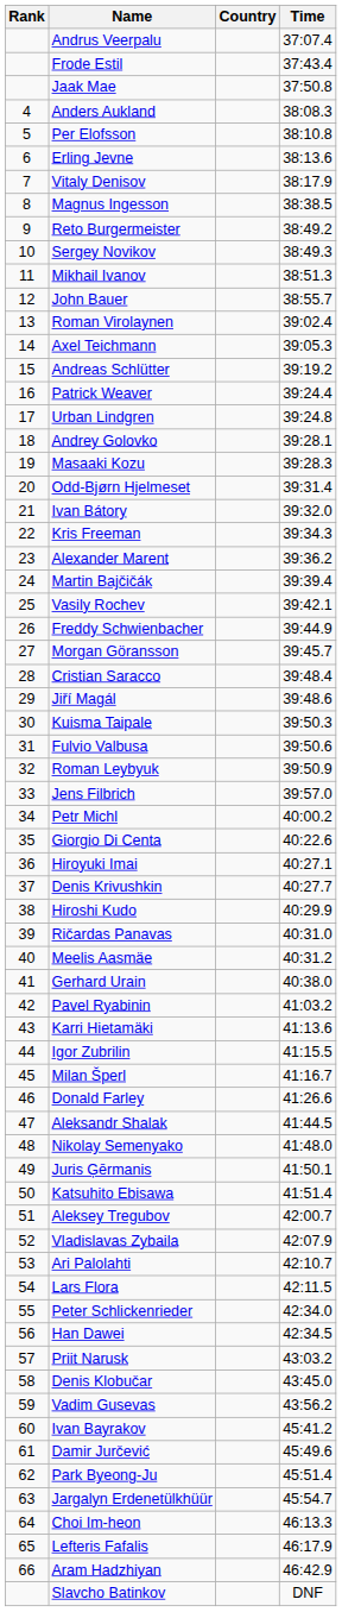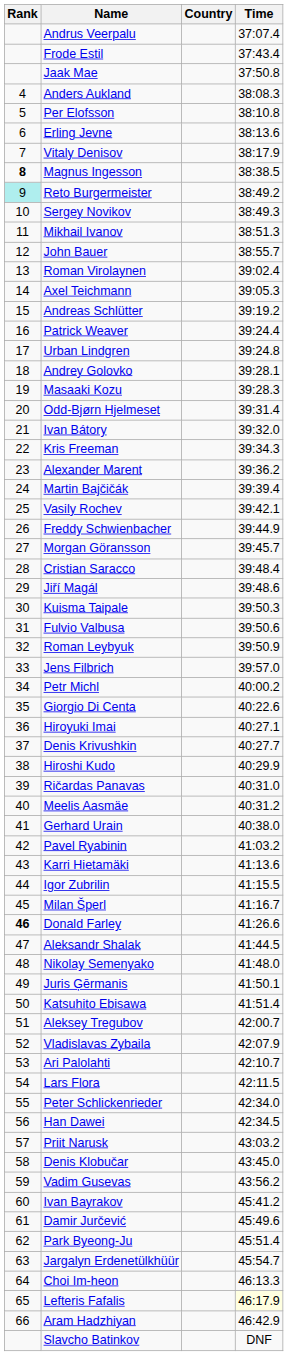 <table class="wikitable sortable" style="text-align:center">
 <tr>
 <th>Rank</th>
 <th>Name</th>
 <th>Country</th>
 <th>Time</th>
 </tr>
 <tr>
 <td></td>
 <td align="left"><a href='#'>Andrus Veerpalu</a></td>
 <td align="left"></td>
 <td>37:07.4</td>
 </tr>
 <tr>
 <td></td>
 <td align="left"><a href='#'>Frode Estil</a></td>
 <td align="left"></td>
 <td>37:43.4</td>
 </tr>
 <tr>
 <td></td>
 <td align="left"><a href='#'>Jaak Mae</a></td>
 <td align="left"></td>
 <td>37:50.8</td>
 </tr>
 <tr>
 <td>4</td>
 <td align="left"><a href='#'>Anders Aukland</a></td>
 <td align="left"></td>
 <td>38:08.3</td>
 </tr>
 <tr>
 <td>5</td>
 <td align="left"><a href='#'>Per Elofsson</a></td>
 <td align="left"></td>
 <td>38:10.8</td>
 </tr>
 <tr>
 <td>6</td>
 <td align="left"><a href='#'>Erling Jevne</a></td>
 <td align="left"></td>
 <td>38:13.6</td>
 </tr>
 <tr>
 <td>7</td>
 <td align="left"><a href='#'>Vitaly Denisov</a></td>
 <td align="left"></td>
 <td>38:17.9</td>
 </tr>
 <tr>
-<td>8</td>
+<td><strong>8</strong></td>
 <td align="left"><a href='#'>Magnus Ingesson</a></td>
 <td align="left"></td>
 <td>38:38.5</td>
 </tr>
 <tr>
-<td>9</td>
+<td style="background: paleturquoise;">9</td>
 <td align="left"><a href='#'>Reto Burgermeister</a></td>
 <td align="left"></td>
 <td>38:49.2</td>
 </tr>
 <tr>
 <td>10</td>
 <td align="left"><a href='#'>Sergey Novikov</a></td>
 <td align="left"></td>
 <td>38:49.3</td>
 </tr>
 <tr>
 <td>11</td>
 <td align="left"><a href='#'>Mikhail Ivanov</a></td>
 <td align="left"></td>
 <td>38:51.3</td>
 </tr>
 <tr>
 <td>12</td>
 <td align="left"><a href='#'>John Bauer</a></td>
 <td align="left"></td>
 <td>38:55.7</td>
 </tr>
 <tr>
 <td>13</td>
 <td align="left"><a href='#'>Roman Virolaynen</a></td>
 <td align="left"></td>
 <td>39:02.4</td>
 </tr>
 <tr>
 <td>14</td>
 <td align="left"><a href='#'>Axel Teichmann</a></td>
 <td align="left"></td>
 <td>39:05.3</td>
 </tr>
 <tr>
 <td>15</td>
 <td align="left"><a href='#'>Andreas Schlütter</a></td>
 <td align="left"></td>
 <td>39:19.2</td>
 </tr>
 <tr>
 <td>16</td>
 <td align="left"><a href='#'>Patrick Weaver</a></td>
 <td align="left"></td>
 <td>39:24.4</td>
 </tr>
 <tr>
 <td>17</td>
 <td align="left"><a href='#'>Urban Lindgren</a></td>
 <td align="left"></td>
 <td>39:24.8</td>
 </tr>
 <tr>
 <td>18</td>
 <td align="left"><a href='#'>Andrey Golovko</a></td>
 <td align="left"></td>
 <td>39:28.1</td>
 </tr>
 <tr>
 <td>19</td>
 <td align="left"><a href='#'>Masaaki Kozu</a></td>
 <td align="left"></td>
 <td>39:28.3</td>
 </tr>
 <tr>
 <td>20</td>
 <td align="left"><a href='#'>Odd-Bjørn Hjelmeset</a></td>
 <td align="left"></td>
 <td>39:31.4</td>
 </tr>
 <tr>
 <td>21</td>
 <td align="left"><a href='#'>Ivan Bátory</a></td>
 <td align="left"></td>
 <td>39:32.0</td>
 </tr>
 <tr>
 <td>22</td>
 <td align="left"><a href='#'>Kris Freeman</a></td>
 <td align="left"></td>
 <td>39:34.3</td>
 </tr>
 <tr>
 <td>23</td>
 <td align="left"><a href='#'>Alexander Marent</a></td>
 <td align="left"></td>
 <td>39:36.2</td>
 </tr>
 <tr>
 <td>24</td>
 <td align="left"><a href='#'>Martin Bajčičák</a></td>
 <td align="left"></td>
 <td>39:39.4</td>
 </tr>
 <tr>
 <td>25</td>
 <td align="left"><a href='#'>Vasily Rochev</a></td>
 <td align="left"></td>
 <td>39:42.1</td>
 </tr>
 <tr>
 <td>26</td>
 <td align="left"><a href='#'>Freddy Schwienbacher</a></td>
 <td align="left"></td>
 <td>39:44.9</td>
 </tr>
 <tr>
 <td>27</td>
 <td align="left"><a href='#'>Morgan Göransson</a></td>
 <td align="left"></td>
 <td>39:45.7</td>
 </tr>
 <tr>
 <td>28</td>
 <td align="left"><a href='#'>Cristian Saracco</a></td>
 <td align="left"></td>
 <td>39:48.4</td>
 </tr>
 <tr>
 <td>29</td>
 <td align="left"><a href='#'>Jiří Magál</a></td>
 <td align="left"></td>
 <td>39:48.6</td>
 </tr>
 <tr>
 <td>30</td>
 <td align="left"><a href='#'>Kuisma Taipale</a></td>
 <td align="left"></td>
 <td>39:50.3</td>
 </tr>
 <tr>
 <td>31</td>
 <td align="left"><a href='#'>Fulvio Valbusa</a></td>
 <td align="left"></td>
 <td>39:50.6</td>
 </tr>
 <tr>
 <td>32</td>
 <td align="left"><a href='#'>Roman Leybyuk</a></td>
 <td align="left"></td>
 <td>39:50.9</td>
 </tr>
 <tr>
 <td>33</td>
 <td align="left"><a href='#'>Jens Filbrich</a></td>
 <td align="left"></td>
 <td>39:57.0</td>
 </tr>
 <tr>
 <td>34</td>
 <td align="left"><a href='#'>Petr Michl</a></td>
 <td align="left"></td>
 <td>40:00.2</td>
 </tr>
 <tr>
 <td>35</td>
 <td align="left"><a href='#'>Giorgio Di Centa</a></td>
 <td align="left"></td>
 <td>40:22.6</td>
 </tr>
 <tr>
 <td>36</td>
 <td align="left"><a href='#'>Hiroyuki Imai</a></td>
 <td align="left"></td>
 <td>40:27.1</td>
 </tr>
 <tr>
 <td>37</td>
 <td align="left"><a href='#'>Denis Krivushkin</a></td>
 <td align="left"></td>
 <td>40:27.7</td>
 </tr>
 <tr>
 <td>38</td>
 <td align="left"><a href='#'>Hiroshi Kudo</a></td>
 <td align="left"></td>
 <td>40:29.9</td>
 </tr>
 <tr>
 <td>39</td>
 <td align="left"><a href='#'>Ričardas Panavas</a></td>
 <td align="left"></td>
 <td>40:31.0</td>
 </tr>
 <tr>
 <td>40</td>
 <td align="left"><a href='#'>Meelis Aasmäe</a></td>
 <td align="left"></td>
 <td>40:31.2</td>
 </tr>
 <tr>
 <td>41</td>
 <td align="left"><a href='#'>Gerhard Urain</a></td>
 <td align="left"></td>
 <td>40:38.0</td>
 </tr>
 <tr>
 <td>42</td>
 <td align="left"><a href='#'>Pavel Ryabinin</a></td>
 <td align="left"></td>
 <td>41:03.2</td>
 </tr>
 <tr>
 <td>43</td>
 <td align="left"><a href='#'>Karri Hietamäki</a></td>
 <td align="left"></td>
 <td>41:13.6</td>
 </tr>
 <tr>
 <td>44</td>
 <td align="left"><a href='#'>Igor Zubrilin</a></td>
 <td align="left"></td>
 <td>41:15.5</td>
 </tr>
 <tr>
 <td>45</td>
 <td align="left"><a href='#'>Milan Šperl</a></td>
 <td align="left"></td>
 <td>41:16.7</td>
 </tr>
 <tr>
-<td>46</td>
+<td><strong>46</strong></td>
 <td align="left"><a href='#'>Donald Farley</a></td>
 <td align="left"></td>
 <td>41:26.6</td>
 </tr>
 <tr>
 <td>47</td>
 <td align="left"><a href='#'>Aleksandr Shalak</a></td>
 <td align="left"></td>
 <td>41:44.5</td>
 </tr>
 <tr>
 <td>48</td>
 <td align="left"><a href='#'>Nikolay Semenyako</a></td>
 <td align="left"></td>
 <td>41:48.0</td>
 </tr>
 <tr>
 <td>49</td>
 <td align="left"><a href='#'>Juris Ģērmanis</a></td>
 <td align="left"></td>
 <td>41:50.1</td>
 </tr>
 <tr>
 <td>50</td>
 <td align="left"><a href='#'>Katsuhito Ebisawa</a></td>
 <td align="left"></td>
 <td>41:51.4</td>
 </tr>
 <tr>
 <td>51</td>
 <td align="left"><a href='#'>Aleksey Tregubov</a></td>
 <td align="left"></td>
 <td>42:00.7</td>
 </tr>
 <tr>
 <td>52</td>
 <td align="left"><a href='#'>Vladislavas Zybaila</a></td>
 <td align="left"></td>
 <td>42:07.9</td>
 </tr>
 <tr>
 <td>53</td>
 <td align="left"><a href='#'>Ari Palolahti</a></td>
 <td align="left"></td>
 <td>42:10.7</td>
 </tr>
 <tr>
 <td>54</td>
 <td align="left"><a href='#'>Lars Flora</a></td>
 <td align="left"></td>
 <td>42:11.5</td>
 </tr>
 <tr>
 <td>55</td>
 <td align="left"><a href='#'>Peter Schlickenrieder</a></td>
 <td align="left"></td>
 <td>42:34.0</td>
 </tr>
 <tr>
 <td>56</td>
 <td align="left"><a href='#'>Han Dawei</a></td>
 <td align="left"></td>
 <td>42:34.5</td>
 </tr>
 <tr>
 <td>57</td>
 <td align="left"><a href='#'>Priit Narusk</a></td>
 <td align="left"></td>
 <td>43:03.2</td>
 </tr>
 <tr>
 <td>58</td>
 <td align="left"><a href='#'>Denis Klobučar</a></td>
 <td align="left"></td>
 <td>43:45.0</td>
 </tr>
 <tr>
 <td>59</td>
 <td align="left"><a href='#'>Vadim Gusevas</a></td>
 <td align="left"></td>
 <td>43:56.2</td>
 </tr>
 <tr>
 <td>60</td>
 <td align="left"><a href='#'>Ivan Bayrakov</a></td>
 <td align="left"></td>
 <td>45:41.2</td>
 </tr>
 <tr>
 <td>61</td>
 <td align="left"><a href='#'>Damir Jurčević</a></td>
 <td align="left"></td>
 <td>45:49.6</td>
 </tr>
 <tr>
 <td>62</td>
 <td align="left"><a href='#'>Park Byeong-Ju</a></td>
 <td align="left"></td>
 <td>45:51.4</td>
 </tr>
 <tr>
 <td>63</td>
 <td align="left"><a href='#'>Jargalyn Erdenetülkhüür</a></td>
 <td align="left"></td>
 <td>45:54.7</td>
 </tr>
 <tr>
 <td>64</td>
 <td align="left"><a href='#'>Choi Im-heon</a></td>
 <td align="left"></td>
 <td>46:13.3</td>
 </tr>
 <tr>
 <td>65</td>
 <td align="left"><a href='#'>Lefteris Fafalis</a></td>
 <td align="left"></td>
-<td>46:17.9</td>
+<td style="background: lightyellow;">46:17.9</td>
 </tr>
 <tr>
 <td>66</td>
 <td align="left"><a href='#'>Aram Hadzhiyan</a></td>
 <td align="left"></td>
 <td>46:42.9</td>
 </tr>
 <tr>
 <td></td>
 <td align="left"><a href='#'>Slavcho Batinkov</a></td>
 <td align="left"></td>
 <td>DNF</td>
 </tr>
 </table>
